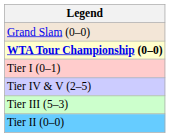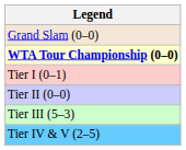 <table class="wikitable sortable mw-collapsible mw-collapsed">
 <tr style="background:#eeeeee;">
 <th>Legend</th>
 </tr>
 <tr style="background:#f3e6d7;">
 <td><a href='#'>Grand Slam</a> (0–0)</td>
 </tr>
 <tr style="background:#ffc;">
 <td><strong><a href='#'>WTA Tour Championship</a> (0–0)</strong></td>
 </tr>
 <tr style="background:#fcc;">
 <td>Tier I (0–1)</td>
 </tr>
 <tr style="background:#ccf;">
-<td>Tier IV & V (2–5)</td>
+<td>Tier II (0–0)</td>
 </tr>
 <tr style="background:#cfc;">
 <td>Tier III (5–3)</td>
 </tr>
 <tr style="background:#6cf;">
-<td>Tier II (0–0)</td>
+<td>Tier IV & V (2–5)</td>
 </tr>
 </table>
